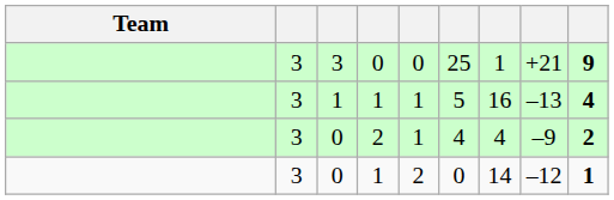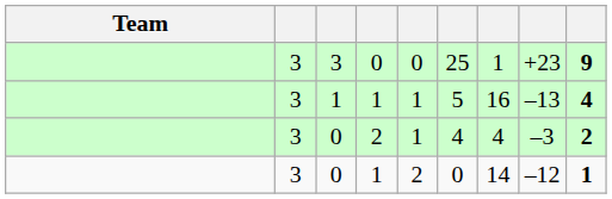 <table class="wikitable" style="text-align: center;">
 <tr>
 <th width="175">Team</th>
 <th width="20"></th>
 <th width="20"></th>
 <th width="20"></th>
 <th width="20"></th>
 <th width="20"></th>
 <th width="20"></th>
 <th width="20"></th>
 <th width="20"></th>
 </tr>
 <tr bgcolor=ccffcc>
 <td align=left></td>
 <td>3</td>
 <td>3</td>
 <td>0</td>
 <td>0</td>
 <td>25</td>
 <td>1</td>
-<td>+21</td>
+<td>+23</td>
 <td><strong>9</strong></td>
 </tr>
 <tr bgcolor=ccffcc>
 <td align=left></td>
 <td>3</td>
 <td>1</td>
 <td>1</td>
 <td>1</td>
 <td>5</td>
 <td>16</td>
 <td>–13</td>
 <td><strong>4</strong></td>
 </tr>
 <tr bgcolor=ccffcc>
 <td align=left></td>
 <td>3</td>
 <td>0</td>
 <td>2</td>
 <td>1</td>
 <td>4</td>
 <td>4</td>
-<td>–9</td>
+<td>–3</td>
 <td><strong>2</strong></td>
 </tr>
 <tr>
 <td align=left></td>
 <td>3</td>
 <td>0</td>
 <td>1</td>
 <td>2</td>
 <td>0</td>
 <td>14</td>
 <td>–12</td>
 <td><strong>1</strong></td>
 </tr>
 </table>
